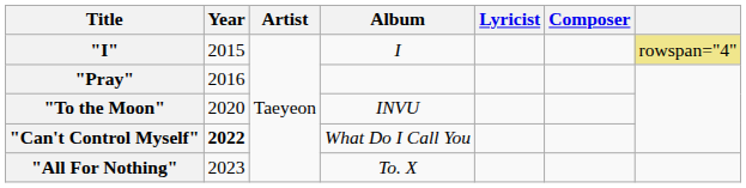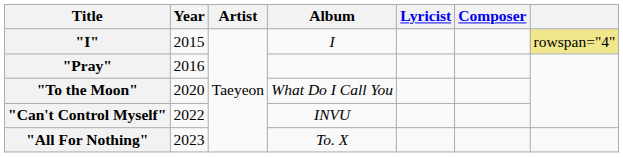 <table class="wikitable plainrowheaders" style="text-align:center">
 <tr>
 <th scope="col">Title</th>
 <th scope="col">Year</th>
 <th scope="col">Artist</th>
 <th scope="col">Album</th>
 <th scope="col"><a href='#'>Lyricist</a></th>
 <th scope="col"><a href='#'>Composer</a></th>
 <th scope="col"></th>
 </tr>
 <tr>
 <th scope="row">"I"<br></th>
 <td>2015</td>
 <td rowspan="5">Taeyeon</td>
 <td><em>I</em></td>
 <td></td>
 <td></td>
 <td style="background: khaki;">rowspan="4" </td>
 </tr>
 <tr>
 <th scope="row">"Pray"</th>
 <td>2016</td>
 <td></td>
 <td></td>
 <td></td>
 </tr>
 <tr>
 <th scope="row">"To the Moon"</th>
 <td>2020</td>
-<td><em>INVU</em></td>
+<td><em>What Do I Call You</em></td>
 <td></td>
 <td></td>
 </tr>
 <tr>
 <th scope="row">"Can't Control Myself"</th>
-<td><strong>2022</strong></td>
-<td><em>What Do I Call You</em></td>
+<td>2022</td>
+<td><em>INVU</em></td>
 <td></td>
 <td></td>
 </tr>
 <tr>
 <th scope="row">"All For Nothing"</th>
 <td>2023</td>
 <td><em>To. X</em></td>
 <td></td>
 <td></td>
 <td></td>
 </tr>
 </table>
